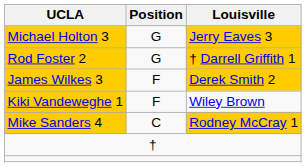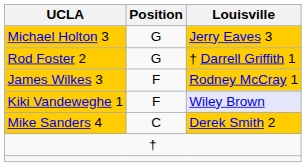 <table class="wikitable">
 <tr>
 <th>UCLA</th>
 <th colspan="2">Position</th>
 <th>Louisville</th>
 </tr>
 <tr>
 <td style="background:#ffcc00"><a href='#'>Michael Holton</a> 3</td>
 <td colspan=2 style="text-align:center">G</td>
 <td style="background:#ffcc00"><a href='#'>Jerry Eaves</a> 3</td>
 </tr>
 <tr>
 <td style="background:#ffcc00"><a href='#'>Rod Foster</a> 2</td>
 <td colspan=2 style="text-align:center">G</td>
 <td style="background:#ffcc00">† <a href='#'>Darrell Griffith</a> 1</td>
 </tr>
 <tr>
 <td style="background:#ffcc00"><a href='#'>James Wilkes</a> 3</td>
 <td colspan=2 style="text-align:center">F</td>
-<td style="background:#ffcc00"><a href='#'>Derek Smith</a> 2</td>
+<td style="background:#ffcc00"><a href='#'>Rodney McCray</a> 1</td>
 </tr>
 <tr>
 <td style="background:#ffcc00"><a href='#'>Kiki Vandeweghe</a> 1</td>
 <td colspan=2 style="text-align:center">F</td>
-<td><a href='#'>Wiley Brown</a></td>
+<td style="background: lavender;"><a href='#'>Wiley Brown</a></td>
 </tr>
 <tr>
 <td style="background:#ffcc00"><a href='#'>Mike Sanders</a> 4</td>
 <td colspan=2 style="text-align:center">C</td>
-<td style="background:#ffcc00"><a href='#'>Rodney McCray</a> 1</td>
+<td style="background:#ffcc00"><a href='#'>Derek Smith</a> 2</td>
 </tr>
 <tr>
 <td colspan="5" align=center>† </td>
 </tr>
 <tr>
 <td colspan="5" align=center></td>
 </tr>
 </table>
